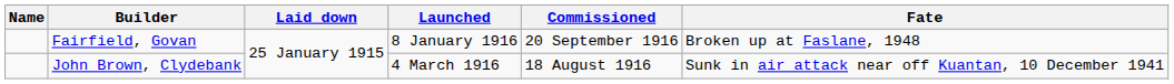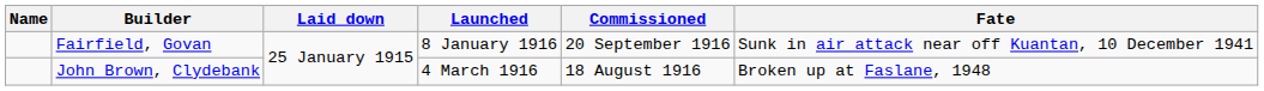 <table class="wikitable">
 <tr>
 <th>Name</th>
 <th style="text-align:center;">Builder</th>
 <th style="text-align:center;"><a href='#'>Laid down</a></th>
 <th style="text-align:center;"><a href='#'>Launched</a></th>
 <th style="text-align:center;"><a href='#'>Commissioned</a></th>
 <th style="text-align:center;">Fate</th>
 </tr>
 <tr>
 <td></td>
 <td><a href='#'>Fairfield</a>, <a href='#'>Govan</a></td>
 <td rowspan=2>25 January 1915</td>
 <td>8 January 1916</td>
 <td>20 September 1916</td>
-<td>Broken up at <a href='#'>Faslane</a>, 1948</td>
+<td>Sunk in <a href='#'>air attack</a> near off <a href='#'>Kuantan</a>, 10 December 1941</td>
 </tr>
 <tr>
 <td></td>
 <td><a href='#'>John Brown</a>, <a href='#'>Clydebank</a></td>
 <td>4 March 1916</td>
 <td>18 August 1916</td>
-<td>Sunk in <a href='#'>air attack</a> near off <a href='#'>Kuantan</a>, 10 December 1941</td>
+<td>Broken up at <a href='#'>Faslane</a>, 1948</td>
 </tr>
 </table>
